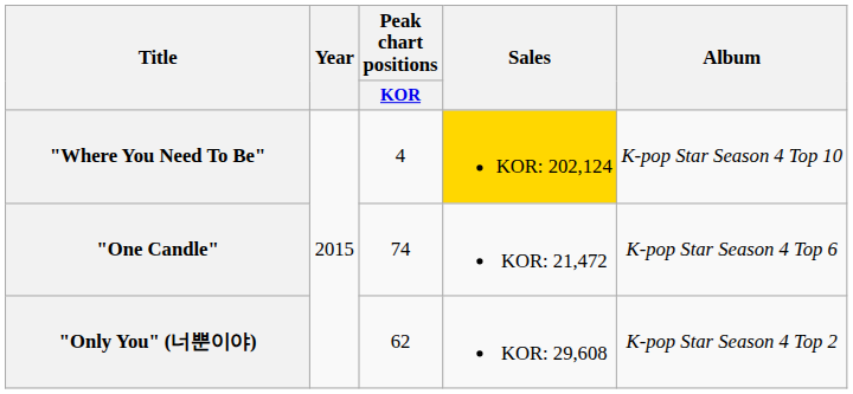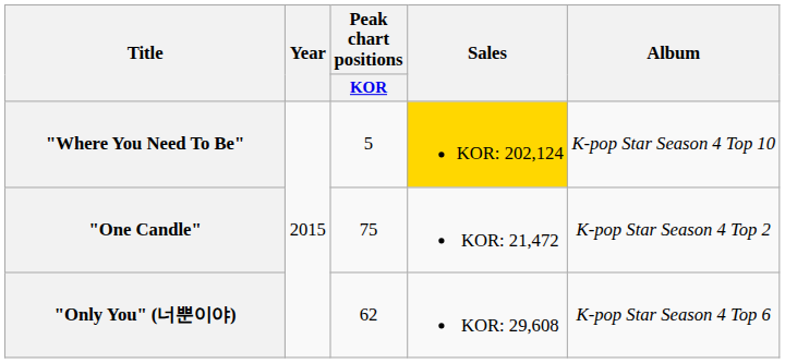 <table class="wikitable plainrowheaders" style="text-align:center;">
 <tr>
 <th scope="col" rowspan="2" style="width:15em;">Title</th>
 <th scope="col" rowspan="2">Year</th>
 <th scope="col" colspan="1">Peak chart positions</th>
 <th scope="col" rowspan="2">Sales</th>
 <th scope="col" rowspan="2">Album</th>
 </tr>
 <tr>
 <th scope="col" style="width:3em;font-size:90%;"><a href='#'>KOR</a><br></th>
 </tr>
 <tr>
 <th scope="row">"Where You Need To Be"</th>
 <td rowspan="3">2015</td>
-<td>4</td>
+<td>5</td>
 <td style="background: gold;"><br><ul><li>KOR: 202,124</li></ul></td>
 <td><em>K-pop Star Season 4 Top 10</em></td>
 </tr>
 <tr>
 <th scope="row">"One Candle"</th>
-<td>74</td>
+<td>75</td>
 <td><br><ul><li>KOR: 21,472</li></ul></td>
-<td><em>K-pop Star Season 4 Top 6</em></td>
+<td><em>K-pop Star Season 4 Top 2</em></td>
 </tr>
 <tr>
 <th scope="row">"Only You" (너뿐이야)</th>
 <td>62</td>
 <td><br><ul><li>KOR: 29,608</li></ul></td>
-<td><em>K-pop Star Season 4 Top 2</em></td>
+<td><em>K-pop Star Season 4 Top 6</em></td>
 </tr>
 </table>
